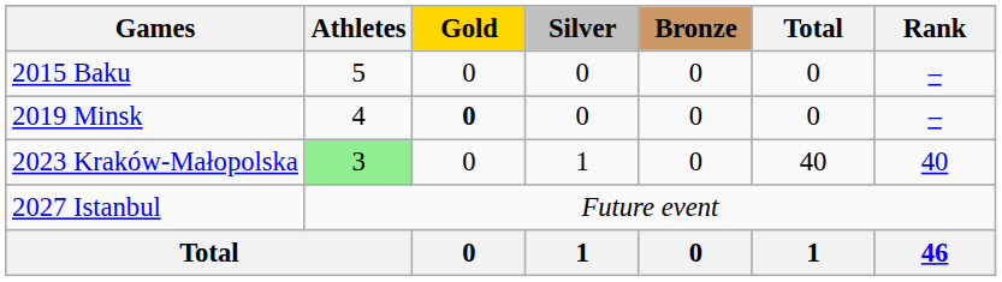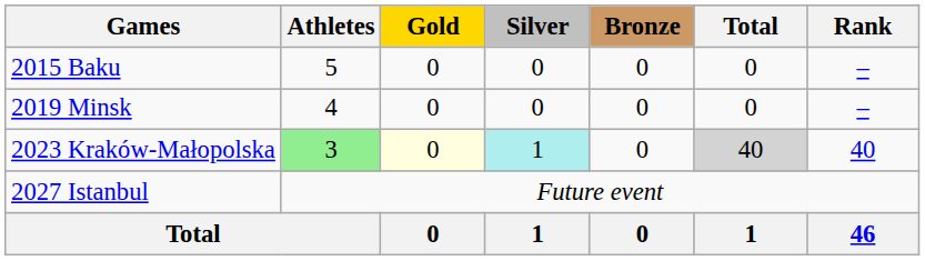 <table class="wikitable" style="text-align:center; font-size:90%;">
 <tr>
 <th>Games</th>
 <th>Athletes</th>
 <td style="background:gold; width:3.7em; font-weight:bold;">Gold</td>
 <td style="background:silver; width:3.7em; font-weight:bold;">Silver</td>
 <td style="background:#cc9966; width:3.7em; font-weight:bold;">Bronze</td>
 <th style="width:4em; font-weight:bold;">Total</th>
 <th style="width:4em; font-weight:bold;">Rank</th>
 </tr>
 <tr>
 <td align=left> <a href='#'>2015 Baku</a></td>
 <td>5</td>
 <td>0</td>
 <td>0</td>
 <td>0</td>
 <td>0</td>
 <td><a href='#'>–</a></td>
 </tr>
 <tr>
 <td align=left> <a href='#'>2019 Minsk</a></td>
 <td>4</td>
-<td><strong>0</strong></td>
+<td>0</td>
 <td>0</td>
 <td>0</td>
 <td>0</td>
 <td><a href='#'>–</a></td>
 </tr>
 <tr>
 <td align=left> <a href='#'>2023 Kraków-Małopolska</a></td>
 <td style="background: lightgreen;">3</td>
+<td style="background: lightyellow;">0</td>
+<td style="background: paleturquoise;">1</td>
 <td>0</td>
-<td>1</td>
-<td>0</td>
-<td>40</td>
+<td style="background: lightgrey;">40</td>
 <td><a href='#'>40</a></td>
 </tr>
 <tr>
 <td align=left> <a href='#'>2027 Istanbul</a></td>
 <td colspan=6><em>Future event</em></td>
 </tr>
 <tr>
 <th colspan=2>Total</th>
 <th>0</th>
 <th>1</th>
 <th>0</th>
 <th>1</th>
 <th><a href='#'>46</a></th>
 </tr>
 </table>
